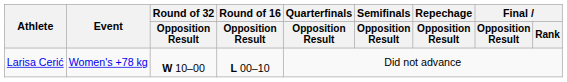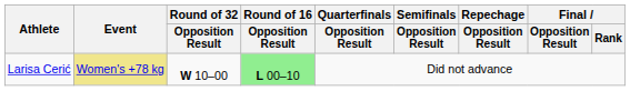 <table class="wikitable" style="font-size:90%">
 <tr>
 <th rowspan="2">Athlete</th>
 <th rowspan="2">Event</th>
 <th>Round of 32</th>
 <th>Round of 16</th>
 <th>Quarterfinals</th>
 <th>Semifinals</th>
 <th>Repechage</th>
 <th colspan=2>Final / </th>
 </tr>
 <tr style="font-size:95%">
 <th>Opposition<br>Result</th>
 <th>Opposition<br>Result</th>
 <th>Opposition<br>Result</th>
 <th>Opposition<br>Result</th>
 <th>Opposition<br>Result</th>
 <th>Opposition<br>Result</th>
 <th>Rank</th>
 </tr>
 <tr align=center>
 <td align=left><a href='#'>Larisa Cerić</a></td>
-<td align=left><a href='#'>Women's +78 kg</a></td>
+<td align=left style="background: khaki;"><a href='#'>Women's +78 kg</a></td>
 <td><br><strong>W</strong> 10–00</td>
-<td><br><strong>L</strong> 00–10</td>
+<td style="background: lightgreen;"><br><strong>L</strong> 00–10</td>
 <td colspan=5>Did not advance</td>
 </tr>
 </table>
